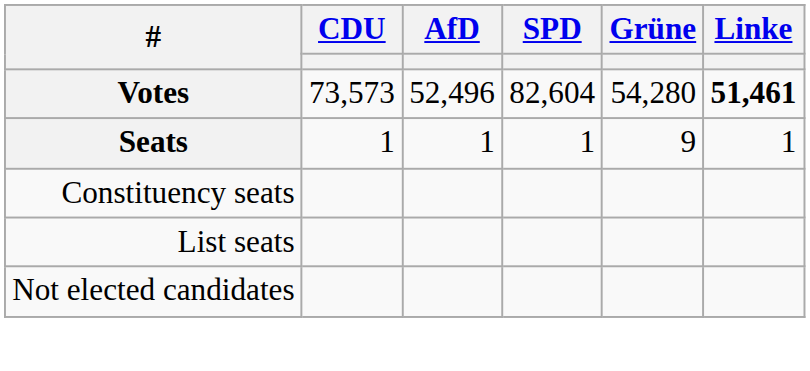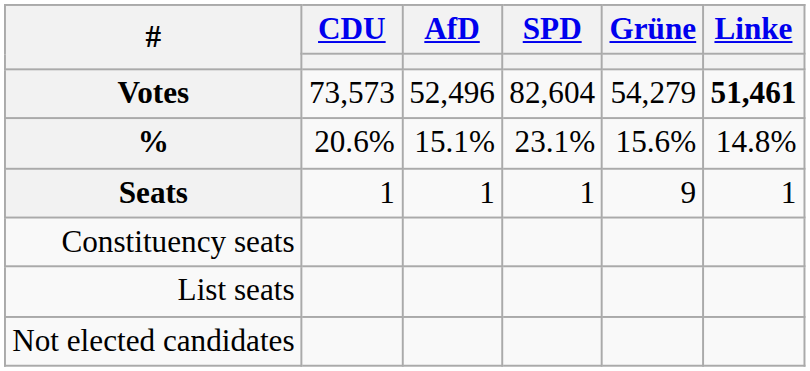 <table class="wikitable" style="text-align:right;vertical-align:top">
 <tr>
 <th rowspan="2">#</th>
 <th class="wikitable sortable"><a href='#'>CDU</a></th>
 <th class="wikitable sortable"><a href='#'>AfD</a></th>
 <th class="wikitable sortable"><a href='#'>SPD</a></th>
 <th class="wikitable sortable"><a href='#'>Grüne</a></th>
 <th class="wikitable sortable"><a href='#'>Linke</a></th>
 </tr>
 <tr>
 <th class="wikitable sortable" style="background:"></th>
 <th class="wikitable sortable" style="background:"></th>
 <th class="wikitable sortable" style="background:"></th>
 <th class="wikitable sortable" style="background:"></th>
 <th class="wikitable sortable" style="background:"></th>
 </tr>
 <tr>
 <th>Votes</th>
 <td>73,573</td>
 <td>52,496</td>
 <td>82,604</td>
-<td>54,280</td>
+<td>54,279</td>
 <td><strong>51,461</strong></td>
+</tr>
+<tr>
+<th>%</th>
+<td>20.6%</td>
+<td>15.1%</td>
+<td>23.1%</td>
+<td>15.6%</td>
+<td>14.8%</td>
 </tr>
 <tr>
 <th>Seats</th>
 <td>1</td>
 <td>1</td>
 <td>1</td>
 <td>9</td>
 <td>1</td>
 </tr>
 <tr style="vertical-align:top">
 <td>Constituency seats</td>
 <td></td>
 <td></td>
 <td></td>
 <td></td>
 <td></td>
 </tr>
 <tr style="vertical-align:top">
 <td>List seats</td>
 <td></td>
 <td></td>
 <td></td>
 <td></td>
 <td></td>
 </tr>
 <tr style="vertical-align:top">
 <td>Not elected candidates</td>
 <td><div><br> </div></td>
 <td><div><br> </div></td>
 <td><div><br>  </div></td>
 <td><div><br> </div></td>
 <td><div><br> </div></td>
 </tr>
 </table>
